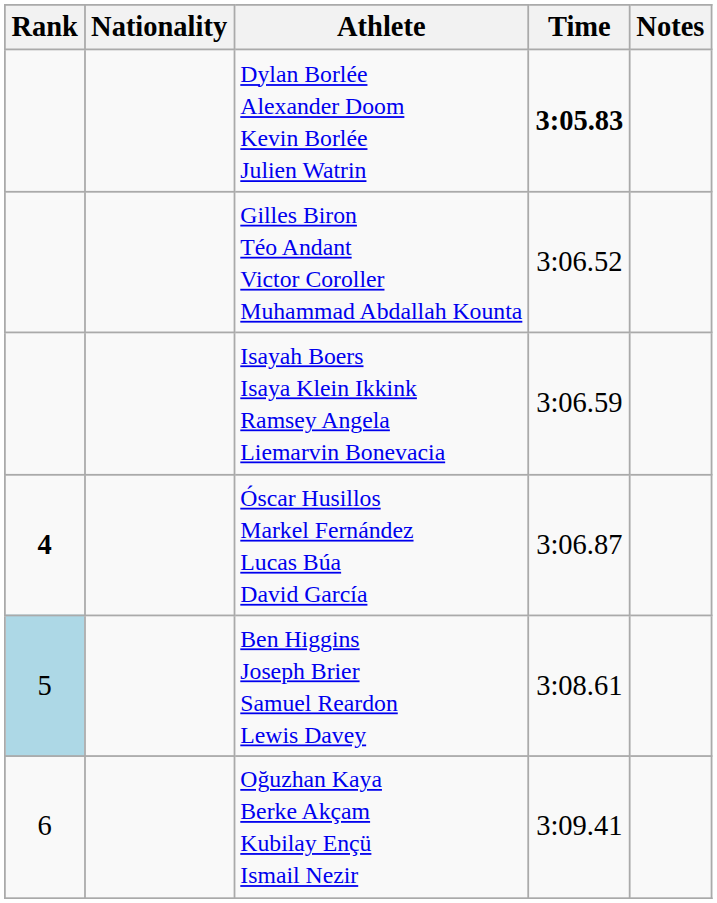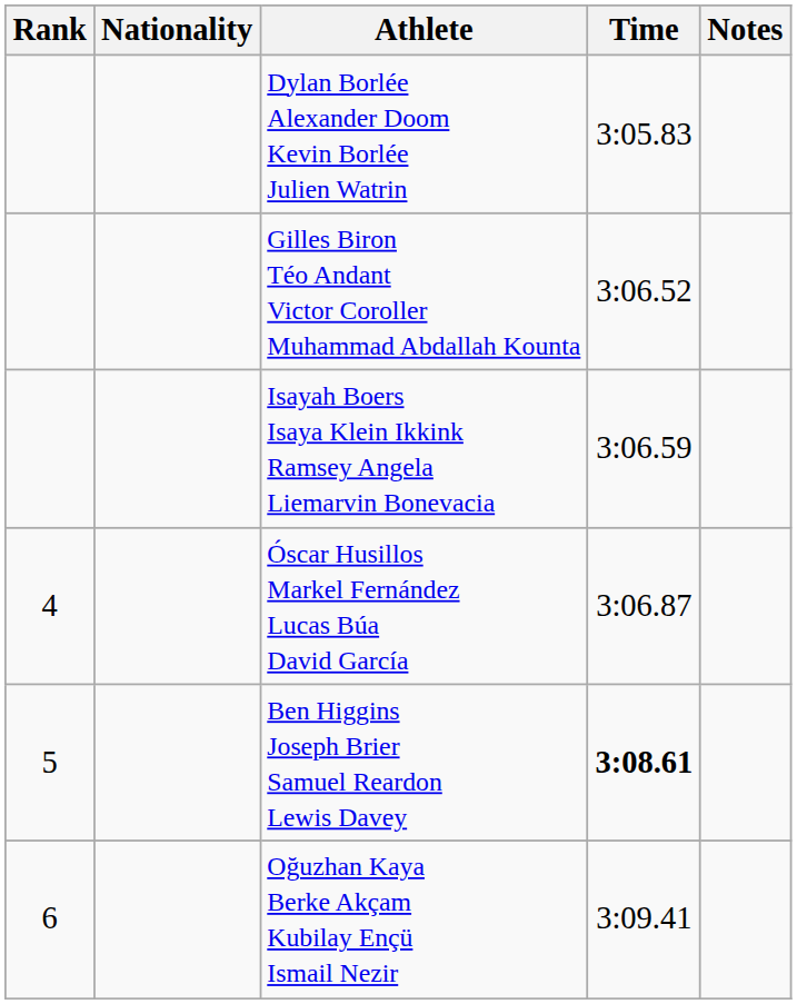 <table class="wikitable sortable" style="text-align:center">
 <tr>
 <th>Rank</th>
 <th>Nationality</th>
 <th>Athlete</th>
 <th>Time</th>
 <th>Notes</th>
 </tr>
 <tr>
 <td></td>
 <td align=left></td>
 <td align=left><small><a href='#'>Dylan Borlée</a><br><a href='#'>Alexander Doom</a><br><a href='#'>Kevin Borlée</a><br><a href='#'>Julien Watrin</a></small></td>
-<td><strong>3:05.83</strong></td>
+<td>3:05.83</td>
 <td></td>
 </tr>
 <tr>
 <td></td>
 <td align=left></td>
 <td align=left><small><a href='#'>Gilles Biron</a><br><a href='#'>Téo Andant</a><br><a href='#'>Victor Coroller</a><br><a href='#'>Muhammad Abdallah Kounta</a></small></td>
 <td>3:06.52</td>
 <td></td>
 </tr>
 <tr>
 <td></td>
 <td align=left></td>
 <td align=left><small><a href='#'>Isayah Boers</a><br><a href='#'>Isaya Klein Ikkink</a><br><a href='#'>Ramsey Angela</a><br><a href='#'>Liemarvin Bonevacia</a></small></td>
 <td>3:06.59</td>
 <td></td>
 </tr>
 <tr>
-<td><strong>4</strong></td>
+<td>4</td>
 <td align=left></td>
 <td align=left><small><a href='#'>Óscar Husillos</a><br><a href='#'>Markel Fernández</a><br><a href='#'>Lucas Búa</a><br><a href='#'>David García</a></small></td>
 <td>3:06.87</td>
 <td></td>
 </tr>
 <tr>
-<td style="background: lightblue;">5</td>
+<td>5</td>
 <td align=left></td>
 <td align=left><small><a href='#'>Ben Higgins</a><br><a href='#'>Joseph Brier</a><br><a href='#'>Samuel Reardon</a><br><a href='#'>Lewis Davey</a></small></td>
-<td>3:08.61</td>
+<td><strong>3:08.61</strong></td>
 <td></td>
 </tr>
 <tr>
 <td>6</td>
 <td align=left></td>
 <td align=left><small><a href='#'>Oğuzhan Kaya</a><br><a href='#'>Berke Akçam</a><br><a href='#'>Kubilay Ençü</a><br><a href='#'>Ismail Nezir</a></small></td>
 <td>3:09.41</td>
 <td></td>
 </tr>
 <tr>
 </tr>
 </table>
